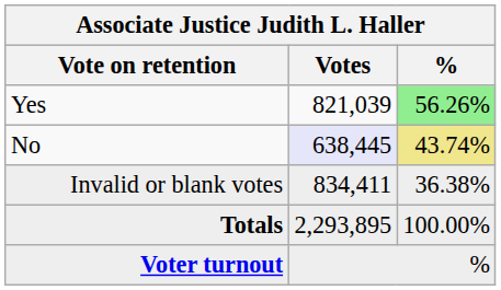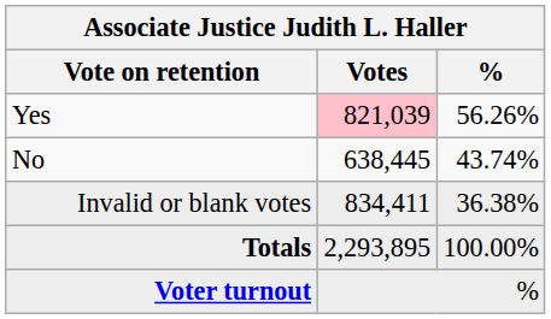 <table class="wikitable" style="font-size: 95%;">
 <tr style="background-color:#E9E9E9">
 <th colspan=7>Associate Justice Judith L. Haller</th>
 </tr>
 <tr style="background-color:#E9E9E9">
 <th style="width: 170px">Vote on retention</th>
 <th style="width: 50px">Votes</th>
 <th style="width: 40px">%</th>
 </tr>
 <tr>
 <td>Yes</td>
-<td align="right">821,039</td>
-<td align="right" style="background: lightgreen;">56.26%</td>
+<td align="right" style="background: pink;">821,039</td>
+<td align="right">56.26%</td>
 </tr>
 <tr>
 <td>No</td>
-<td align="right" style="background: lavender;">638,445</td>
-<td align="right" style="background: khaki;">43.74%</td>
+<td align="right">638,445</td>
+<td align="right">43.74%</td>
 </tr>
 <tr style="background-color:#EEEEEE">
 <td align="right">Invalid or blank votes</td>
 <td align="right">834,411</td>
 <td align="right">36.38%</td>
 </tr>
 <tr style="background-color:#EEEEEE">
 <td colspan="1" align="right"><strong>Totals</strong></td>
 <td align="right">2,293,895</td>
 <td align="right">100.00%</td>
 </tr>
 <tr style="background-color:#EEEEEE">
 <td align="right"><strong><a href='#'>Voter turnout</a></strong></td>
 <td colspan="2" align="right">%</td>
 </tr>
 </table>
